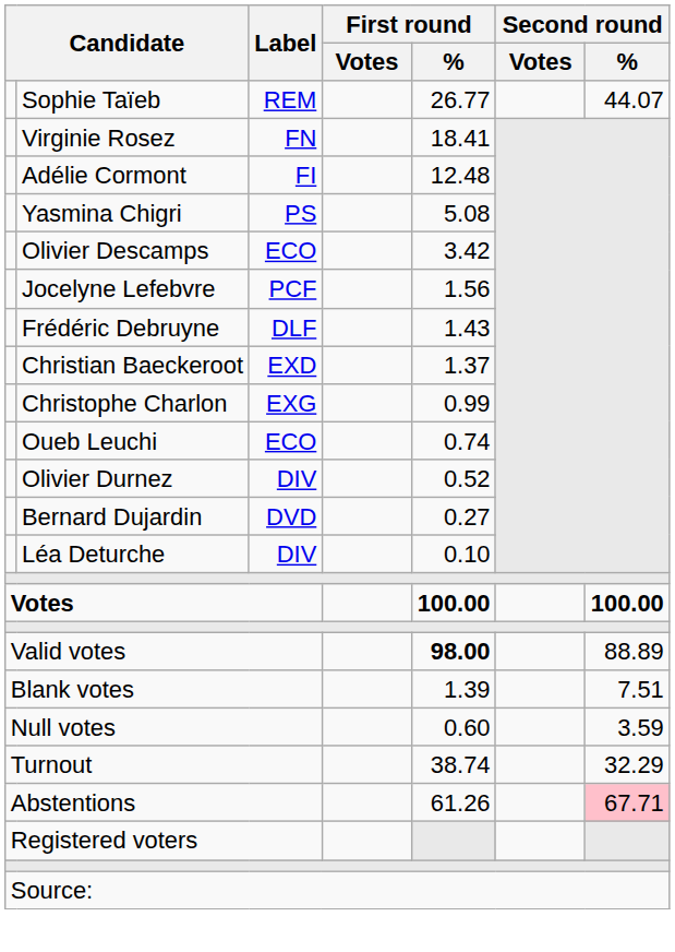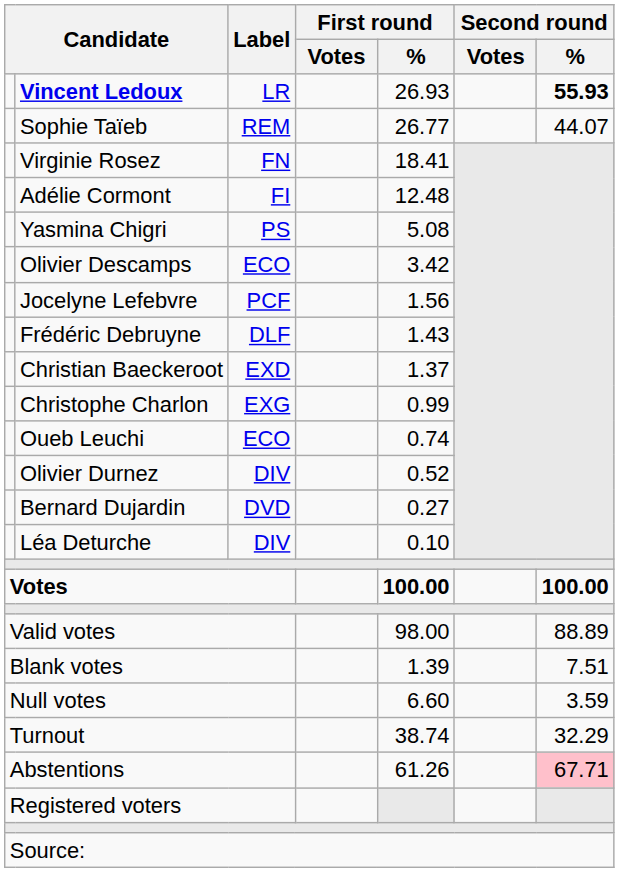 <table class="wikitable" style="text-align:right;font-size:95%;">
 <tr>
 <th rowspan="2" colspan="2">Candidate</th>
 <th rowspan="2">Label</th>
 <th colspan="2">First round</th>
 <th colspan="2">Second round</th>
 </tr>
 <tr>
 <th style="width:50px;">Votes</th>
 <th style="width:45px;">%</th>
 <th style="width:50px;">Votes</th>
 <th style="width:45px;">%</th>
+</tr>
+<tr>
+<td style="color:inherit;background:"></td>
+<td style="text-align:left;"><strong><a href='#'>Vincent Ledoux</a></strong></td>
+<td><a href='#'>LR</a></td>
+<td></td>
+<td>26.93</td>
+<td><strong></strong></td>
+<td><strong>55.93</strong></td>
 </tr>
 <tr>
 <td style="color:inherit;background:"></td>
 <td style="text-align:left;">Sophie Taïeb</td>
 <td><a href='#'>REM</a></td>
 <td></td>
 <td>26.77</td>
 <td></td>
 <td>44.07</td>
 </tr>
 <tr>
 <td style="color:inherit;background:"></td>
 <td style="text-align:left;">Virginie Rosez</td>
 <td><a href='#'>FN</a></td>
 <td></td>
 <td>18.41</td>
 <td colspan="2" rowspan="12" style="background:#E9E9E9;"></td>
 </tr>
 <tr>
 <td style="color:inherit;background:"></td>
 <td style="text-align:left;">Adélie Cormont</td>
 <td><a href='#'>FI</a></td>
 <td></td>
 <td>12.48</td>
 </tr>
 <tr>
 <td style="color:inherit;background:"></td>
 <td style="text-align:left;">Yasmina Chigri</td>
 <td><a href='#'>PS</a></td>
 <td></td>
 <td>5.08</td>
 </tr>
 <tr>
 <td style="color:inherit;background:"></td>
 <td style="text-align:left;">Olivier Descamps</td>
 <td><a href='#'>ECO</a></td>
 <td></td>
 <td>3.42</td>
 </tr>
 <tr>
 <td style="color:inherit;background:"></td>
 <td style="text-align:left;">Jocelyne Lefebvre</td>
 <td><a href='#'>PCF</a></td>
 <td></td>
 <td>1.56</td>
 </tr>
 <tr>
 <td style="color:inherit;background:"></td>
 <td style="text-align:left;">Frédéric Debruyne</td>
 <td><a href='#'>DLF</a></td>
 <td></td>
 <td>1.43</td>
 </tr>
 <tr>
 <td style="color:inherit;background:"></td>
 <td style="text-align:left;">Christian Baeckeroot</td>
 <td><a href='#'>EXD</a></td>
 <td></td>
 <td>1.37</td>
 </tr>
 <tr>
 <td style="color:inherit;background:"></td>
 <td style="text-align:left;">Christophe Charlon</td>
 <td><a href='#'>EXG</a></td>
 <td></td>
 <td>0.99</td>
 </tr>
 <tr>
 <td style="color:inherit;background:"></td>
 <td style="text-align:left;">Oueb Leuchi</td>
 <td><a href='#'>ECO</a></td>
 <td></td>
 <td>0.74</td>
 </tr>
 <tr>
 <td style="color:inherit;background:"></td>
 <td style="text-align:left;">Olivier Durnez</td>
 <td><a href='#'>DIV</a></td>
 <td></td>
 <td>0.52</td>
 </tr>
 <tr>
 <td style="color:inherit;background:"></td>
 <td style="text-align:left;">Bernard Dujardin</td>
 <td><a href='#'>DVD</a></td>
 <td></td>
 <td>0.27</td>
 </tr>
 <tr>
 <td style="color:inherit;background:"></td>
 <td style="text-align:left;">Léa Deturche</td>
 <td><a href='#'>DIV</a></td>
 <td></td>
 <td>0.10</td>
 </tr>
 <tr>
 <td colspan="7" style="background:#E9E9E9;"></td>
 </tr>
 <tr style="font-weight:bold;">
 <td colspan="3" style="text-align:left;">Votes</td>
 <td></td>
 <td>100.00</td>
 <td></td>
 <td>100.00</td>
 </tr>
 <tr>
 <td colspan="7" style="background:#E9E9E9;"></td>
 </tr>
 <tr>
 <td colspan="3" style="text-align:left;">Valid votes</td>
 <td></td>
-<td><strong>98.00</strong></td>
+<td>98.00</td>
 <td></td>
 <td>88.89</td>
 </tr>
 <tr>
 <td colspan="3" style="text-align:left;">Blank votes</td>
 <td></td>
 <td>1.39</td>
 <td></td>
 <td>7.51</td>
 </tr>
 <tr>
 <td colspan="3" style="text-align:left;">Null votes</td>
 <td></td>
-<td>0.60</td>
+<td>6.60</td>
 <td></td>
 <td>3.59</td>
 </tr>
 <tr>
 <td colspan="3" style="text-align:left;">Turnout</td>
 <td></td>
 <td>38.74</td>
 <td></td>
 <td>32.29</td>
 </tr>
 <tr>
 <td colspan="3" style="text-align:left;">Abstentions</td>
 <td></td>
 <td>61.26</td>
 <td></td>
 <td style="background: pink;">67.71</td>
 </tr>
 <tr>
 <td colspan="3" style="text-align:left;">Registered voters</td>
 <td></td>
 <td style="background:#E9E9E9;"></td>
 <td></td>
 <td style="background:#E9E9E9;"></td>
 </tr>
 <tr>
 <td colspan="7" style="background:#E9E9E9;"></td>
 </tr>
 <tr>
 <td colspan="7" style="text-align:left;">Source: </td>
 </tr>
 </table>
